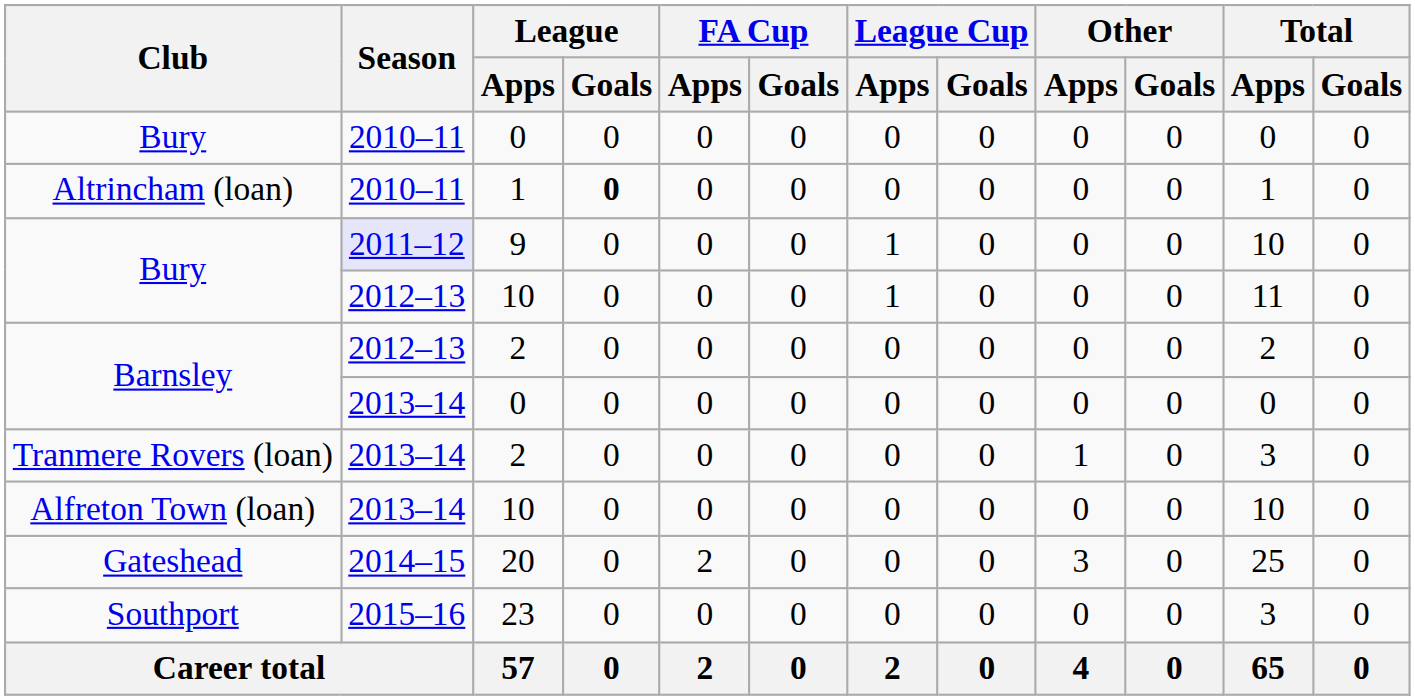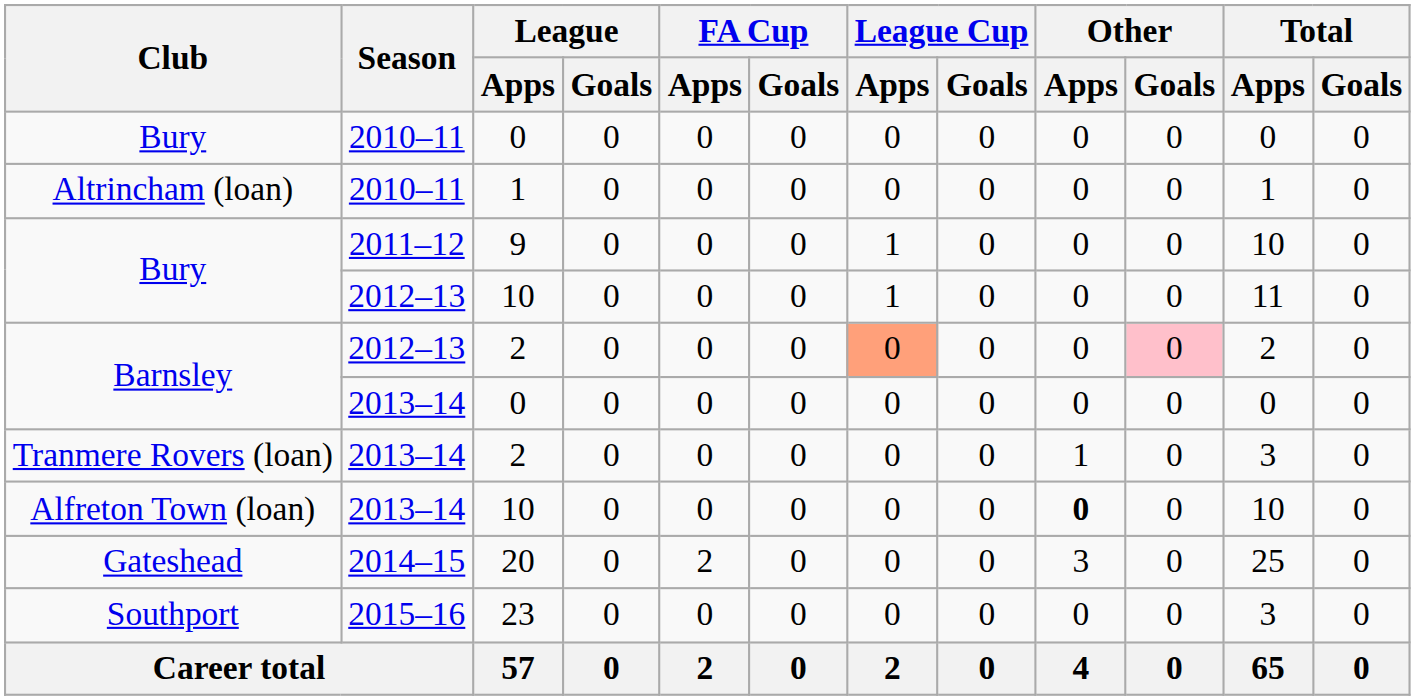 <table class="wikitable" style="text-align: center;">
 <tr>
 <th rowspan="2">Club</th>
 <th rowspan="2">Season</th>
 <th colspan="2">League</th>
 <th colspan="2"><a href='#'>FA Cup</a></th>
 <th colspan="2"><a href='#'>League Cup</a></th>
 <th colspan="2">Other</th>
 <th colspan="2">Total</th>
 </tr>
 <tr>
 <th>Apps</th>
 <th>Goals</th>
 <th>Apps</th>
 <th>Goals</th>
 <th>Apps</th>
 <th>Goals</th>
 <th>Apps</th>
 <th>Goals</th>
 <th>Apps</th>
 <th>Goals</th>
 </tr>
 <tr>
 <td rowspan="1" valign="center"><a href='#'>Bury</a></td>
 <td><a href='#'>2010–11</a></td>
 <td>0</td>
 <td>0</td>
 <td>0</td>
 <td>0</td>
 <td>0</td>
 <td>0</td>
 <td>0</td>
 <td>0</td>
 <td>0</td>
 <td>0</td>
 </tr>
 <tr>
 <td rowspan="1" valign="center"><a href='#'>Altrincham</a> (loan)</td>
 <td><a href='#'>2010–11</a></td>
 <td>1</td>
-<td><strong>0</strong></td>
+<td>0</td>
 <td>0</td>
 <td>0</td>
 <td>0</td>
 <td>0</td>
 <td>0</td>
 <td>0</td>
 <td>1</td>
 <td>0</td>
 </tr>
 <tr>
 <td rowspan="2" valign="center"><a href='#'>Bury</a></td>
-<td style="background: lavender;"><a href='#'>2011–12</a></td>
+<td><a href='#'>2011–12</a></td>
 <td>9</td>
 <td>0</td>
 <td>0</td>
 <td>0</td>
 <td>1</td>
 <td>0</td>
 <td>0</td>
 <td>0</td>
 <td>10</td>
 <td>0</td>
 </tr>
 <tr>
 <td><a href='#'>2012–13</a></td>
 <td>10</td>
 <td>0</td>
 <td>0</td>
 <td>0</td>
 <td>1</td>
 <td>0</td>
 <td>0</td>
 <td>0</td>
 <td>11</td>
 <td>0</td>
 </tr>
 <tr>
 <td rowspan="2" valign="center"><a href='#'>Barnsley</a></td>
 <td><a href='#'>2012–13</a></td>
 <td>2</td>
 <td>0</td>
 <td>0</td>
 <td>0</td>
+<td style="background: lightsalmon;">0</td>
 <td>0</td>
 <td>0</td>
-<td>0</td>
-<td>0</td>
+<td style="background: pink;">0</td>
 <td>2</td>
 <td>0</td>
 </tr>
 <tr>
 <td><a href='#'>2013–14</a></td>
 <td>0</td>
 <td>0</td>
 <td>0</td>
 <td>0</td>
 <td>0</td>
 <td>0</td>
 <td>0</td>
 <td>0</td>
 <td>0</td>
 <td>0</td>
 </tr>
 <tr>
 <td rowspan="1" valign="center"><a href='#'>Tranmere Rovers</a> (loan)</td>
 <td><a href='#'>2013–14</a></td>
 <td>2</td>
 <td>0</td>
 <td>0</td>
 <td>0</td>
 <td>0</td>
 <td>0</td>
 <td>1</td>
 <td>0</td>
 <td>3</td>
 <td>0</td>
 </tr>
 <tr>
 <td rowspan="1" valign="center"><a href='#'>Alfreton Town</a> (loan)</td>
 <td><a href='#'>2013–14</a></td>
 <td>10</td>
 <td>0</td>
 <td>0</td>
 <td>0</td>
 <td>0</td>
 <td>0</td>
-<td>0</td>
+<td><strong>0</strong></td>
 <td>0</td>
 <td>10</td>
 <td>0</td>
 </tr>
 <tr>
 <td rowspan="1" valign="center"><a href='#'>Gateshead</a></td>
 <td><a href='#'>2014–15</a></td>
 <td>20</td>
 <td>0</td>
 <td>2</td>
 <td>0</td>
 <td>0</td>
 <td>0</td>
 <td>3</td>
 <td>0</td>
 <td>25</td>
 <td>0</td>
 </tr>
 <tr>
 <td rowspan="1" valign="center"><a href='#'>Southport</a></td>
 <td><a href='#'>2015–16</a></td>
 <td>23</td>
 <td>0</td>
 <td>0</td>
 <td>0</td>
 <td>0</td>
 <td>0</td>
 <td>0</td>
 <td>0</td>
 <td>3</td>
 <td>0</td>
 </tr>
 <tr>
 <th colspan="2">Career total</th>
 <th>57</th>
 <th>0</th>
 <th>2</th>
 <th>0</th>
 <th>2</th>
 <th>0</th>
 <th>4</th>
 <th>0</th>
 <th>65</th>
 <th>0</th>
 </tr>
 </table>
